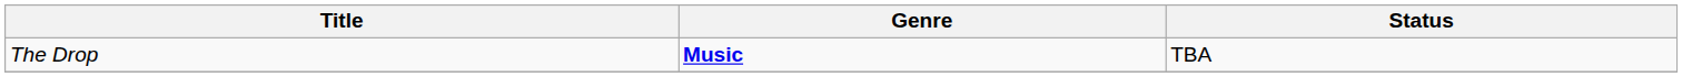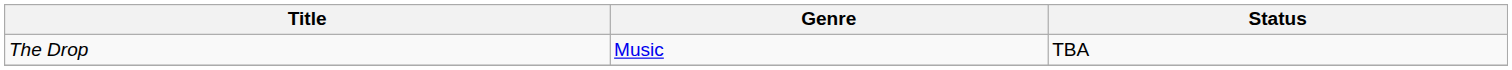 <table class="wikitable sortable" style="width:100%;">
 <tr>
 <th>Title</th>
 <th>Genre</th>
 <th>Status</th>
 </tr>
 <tr>
 <td><em>The Drop</em></td>
-<td><strong><a href='#'>Music</a></strong></td>
+<td><a href='#'>Music</a></td>
 <td>TBA</td>
 </tr>
 <tr>
 </tr>
 </table>
